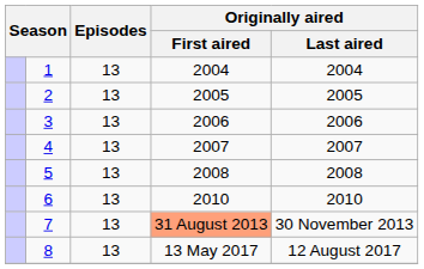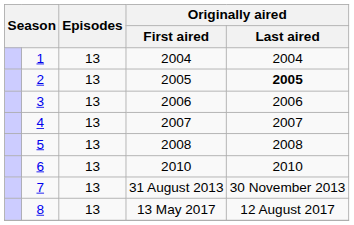 <table class="wikitable plainrowheaders" style="text-align:center;">
 <tr>
 <th colspan="2" rowspan="2">Season</th>
 <th rowspan="2">Episodes</th>
 <th colspan="2">Originally aired</th>
 </tr>
 <tr>
 <th>First aired</th>
 <th>Last aired</th>
 </tr>
 <tr>
 <td style="background: #CCF;"></td>
 <td><a href='#'>1</a></td>
 <td>13</td>
 <td>2004</td>
 <td>2004</td>
 </tr>
 <tr>
 <td style="background: #CCF;"></td>
 <td><a href='#'>2</a></td>
 <td>13</td>
 <td>2005</td>
-<td>2005</td>
+<td><strong>2005</strong></td>
 </tr>
 <tr>
 <td style="background: #CCF;"></td>
 <td><a href='#'>3</a></td>
 <td>13</td>
 <td>2006</td>
 <td>2006</td>
 </tr>
 <tr>
 <td style="background: #CCF;"></td>
 <td><a href='#'>4</a></td>
 <td>13</td>
 <td>2007</td>
 <td>2007</td>
 </tr>
 <tr>
 <td style="background: #CCF;"></td>
 <td><a href='#'>5</a></td>
 <td>13</td>
 <td>2008</td>
 <td>2008</td>
 </tr>
 <tr>
 <td style="background: #CCF;"></td>
 <td><a href='#'>6</a></td>
 <td>13</td>
 <td>2010</td>
 <td>2010</td>
 </tr>
 <tr>
 <td style="background: #CCF;"></td>
 <td><a href='#'>7</a></td>
 <td>13</td>
-<td style="background: lightsalmon;">31 August 2013</td>
+<td>31 August 2013</td>
 <td>30 November 2013</td>
 </tr>
 <tr>
 <td style="background: #CCF;"></td>
 <td><a href='#'>8</a></td>
 <td>13</td>
 <td>13 May 2017</td>
 <td>12 August 2017</td>
 </tr>
 <tr>
 </tr>
 </table>
